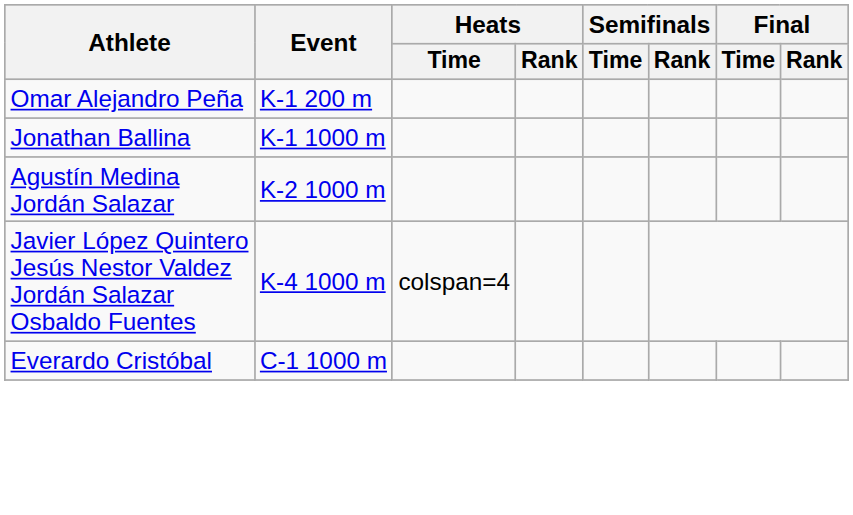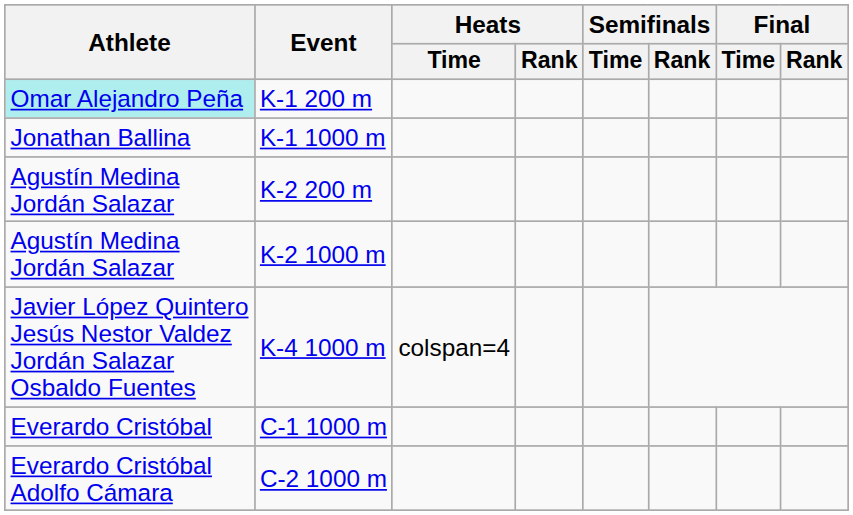 <table class=wikitable style="font-size:90%;">
 <tr>
 <th rowspan="2">Athlete</th>
 <th rowspan="2">Event</th>
 <th colspan=2>Heats</th>
 <th colspan=2>Semifinals</th>
 <th colspan=2>Final</th>
 </tr>
 <tr style="font-size:95%">
 <th>Time</th>
 <th>Rank</th>
 <th>Time</th>
 <th>Rank</th>
 <th>Time</th>
 <th>Rank</th>
 </tr>
 <tr align=center>
-<td align=left><a href='#'>Omar Alejandro Peña</a></td>
+<td align=left style="background: paleturquoise;"><a href='#'>Omar Alejandro Peña</a></td>
 <td align=left><a href='#'>K-1 200 m</a></td>
 <td></td>
 <td></td>
 <td></td>
 <td></td>
 <td></td>
 <td></td>
 </tr>
 <tr align=center>
 <td align=left><a href='#'>Jonathan Ballina</a></td>
 <td align=left><a href='#'>K-1 1000 m</a></td>
+<td></td>
+<td></td>
+<td></td>
+<td></td>
+<td></td>
+<td></td>
+</tr>
+<tr align=center>
+<td align=left><a href='#'>Agustín Medina</a><br><a href='#'>Jordán Salazar</a></td>
+<td align=left><a href='#'>K-2 200 m</a></td>
 <td></td>
 <td></td>
 <td></td>
 <td></td>
 <td></td>
 <td></td>
 </tr>
 <tr align=center>
 <td align=left><a href='#'>Agustín Medina</a><br><a href='#'>Jordán Salazar</a></td>
 <td align=left><a href='#'>K-2 1000 m</a></td>
 <td></td>
 <td></td>
 <td></td>
 <td></td>
 <td></td>
 <td></td>
 </tr>
 <tr align=center>
 <td align=left><a href='#'>Javier López Quintero</a><br><a href='#'>Jesús Nestor Valdez</a><br><a href='#'>Jordán Salazar</a><br><a href='#'>Osbaldo Fuentes</a></td>
 <td align=left><a href='#'>K-4 1000 m</a></td>
 <td>colspan=4 </td>
 <td></td>
 <td></td>
 </tr>
 <tr align=center>
 <td align=left><a href='#'>Everardo Cristóbal</a></td>
 <td align=left><a href='#'>C-1 1000 m</a></td>
 <td></td>
 <td></td>
 <td></td>
 <td></td>
 <td></td>
 <td></td>
 </tr>
+<tr align=center>
+<td align=left><a href='#'>Everardo Cristóbal</a><br><a href='#'>Adolfo Cámara</a></td>
+<td align=left><a href='#'>C-2 1000 m</a></td>
+<td></td>
+<td></td>
+<td></td>
+<td></td>
+<td></td>
+<td></td>
+</tr>
 </table>
